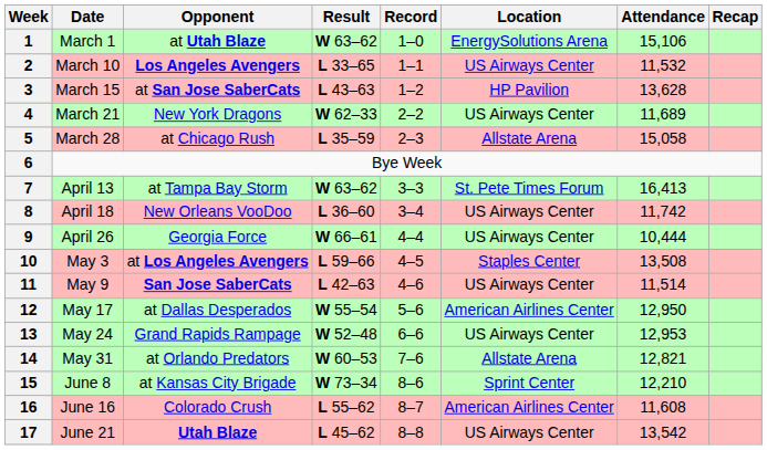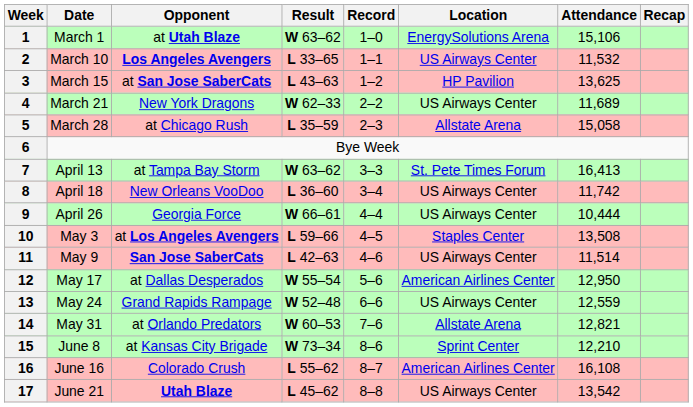 <table class="wikitable" style="text-align:center">
 <tr>
 <th>Week</th>
 <th>Date</th>
 <th>Opponent</th>
 <th>Result</th>
 <th>Record</th>
 <th>Location</th>
 <th>Attendance</th>
 <th>Recap</th>
 </tr>
 <tr bgcolor="#bbffbb">
 <th>1</th>
 <td>March 1</td>
 <td>at <strong><a href='#'>Utah Blaze</a></strong></td>
 <td><strong>W</strong> 63–62</td>
 <td>1–0</td>
 <td><a href='#'>EnergySolutions Arena</a></td>
 <td>15,106</td>
 <td></td>
 </tr>
 <tr bgcolor="#ffbbbb">
 <th>2</th>
 <td>March 10</td>
 <td><strong><a href='#'>Los Angeles Avengers</a></strong></td>
 <td><strong>L</strong> 33–65</td>
 <td>1–1</td>
 <td><a href='#'>US Airways Center</a></td>
 <td>11,532</td>
 <td></td>
 </tr>
 <tr bgcolor="#ffbbbb">
 <th>3</th>
 <td>March 15</td>
 <td>at <strong><a href='#'>San Jose SaberCats</a></strong></td>
 <td><strong>L</strong> 43–63</td>
 <td>1–2</td>
 <td><a href='#'>HP Pavilion</a></td>
-<td>13,628</td>
+<td>13,625</td>
 <td></td>
 </tr>
 <tr bgcolor="#bbffbb">
 <th>4</th>
 <td>March 21</td>
 <td><a href='#'>New York Dragons</a></td>
 <td><strong>W</strong> 62–33</td>
 <td>2–2</td>
 <td>US Airways Center</td>
 <td>11,689</td>
 <td></td>
 </tr>
 <tr bgcolor="#ffbbbb">
 <th>5</th>
 <td>March 28</td>
 <td>at <a href='#'>Chicago Rush</a></td>
 <td><strong>L</strong> 35–59</td>
 <td>2–3</td>
 <td><a href='#'>Allstate Arena</a></td>
 <td>15,058</td>
 <td></td>
 </tr>
 <tr>
 <th>6</th>
 <td colspan=7>Bye Week</td>
 </tr>
 <tr bgcolor="#bbffbb">
 <th>7</th>
 <td>April 13</td>
 <td>at <a href='#'>Tampa Bay Storm</a></td>
 <td><strong>W</strong> 63–62</td>
 <td>3–3</td>
 <td><a href='#'>St. Pete Times Forum</a></td>
 <td>16,413</td>
 <td></td>
 </tr>
 <tr bgcolor="#ffbbbb">
 <th>8</th>
 <td>April 18</td>
 <td><a href='#'>New Orleans VooDoo</a></td>
 <td><strong>L</strong> 36–60</td>
 <td>3–4</td>
 <td>US Airways Center</td>
 <td>11,742</td>
 <td></td>
 </tr>
 <tr bgcolor="#bbffbb">
 <th>9</th>
 <td>April 26</td>
 <td><a href='#'>Georgia Force</a></td>
 <td><strong>W</strong> 66–61</td>
 <td>4–4</td>
 <td>US Airways Center</td>
 <td>10,444</td>
 <td></td>
 </tr>
 <tr bgcolor="#ffbbbb">
 <th>10</th>
 <td>May 3</td>
 <td>at <strong><a href='#'>Los Angeles Avengers</a></strong></td>
 <td><strong>L</strong> 59–66</td>
 <td>4–5</td>
 <td><a href='#'>Staples Center</a></td>
 <td>13,508</td>
 <td></td>
 </tr>
 <tr bgcolor="#ffbbbb">
 <th>11</th>
 <td>May 9</td>
 <td><strong><a href='#'>San Jose SaberCats</a></strong></td>
 <td><strong>L</strong> 42–63</td>
 <td>4–6</td>
 <td>US Airways Center</td>
 <td>11,514</td>
 <td></td>
 </tr>
 <tr bgcolor="#bbffbb">
 <th>12</th>
 <td>May 17</td>
 <td>at <a href='#'>Dallas Desperados</a></td>
 <td><strong>W</strong> 55–54</td>
 <td>5–6</td>
 <td><a href='#'>American Airlines Center</a></td>
 <td>12,950</td>
 <td></td>
 </tr>
 <tr bgcolor="#bbffbb">
 <th>13</th>
 <td>May 24</td>
 <td><a href='#'>Grand Rapids Rampage</a></td>
 <td><strong>W</strong> 52–48</td>
 <td>6–6</td>
 <td>US Airways Center</td>
-<td>12,953</td>
+<td>12,559</td>
 <td></td>
 </tr>
 <tr bgcolor="#bbffbb">
 <th>14</th>
 <td>May 31</td>
 <td>at <a href='#'>Orlando Predators</a></td>
 <td><strong>W</strong> 60–53</td>
 <td>7–6</td>
 <td><a href='#'>Allstate Arena</a></td>
 <td>12,821</td>
 <td></td>
 </tr>
 <tr bgcolor="#bbffbb">
 <th>15</th>
 <td>June 8</td>
 <td>at <a href='#'>Kansas City Brigade</a></td>
 <td><strong>W</strong> 73–34</td>
 <td>8–6</td>
 <td><a href='#'>Sprint Center</a></td>
 <td>12,210</td>
 <td></td>
 </tr>
 <tr bgcolor="#ffbbbb">
 <th>16</th>
 <td>June 16</td>
 <td><a href='#'>Colorado Crush</a></td>
 <td><strong>L</strong> 55–62</td>
 <td>8–7</td>
 <td><a href='#'>American Airlines Center</a></td>
-<td>11,608</td>
+<td>16,108</td>
 <td></td>
 </tr>
 <tr bgcolor="#ffbbbb">
 <th>17</th>
 <td>June 21</td>
 <td><strong><a href='#'>Utah Blaze</a></strong></td>
 <td><strong>L</strong> 45–62</td>
 <td>8–8</td>
 <td>US Airways Center</td>
 <td>13,542</td>
 <td></td>
 </tr>
 </table>
